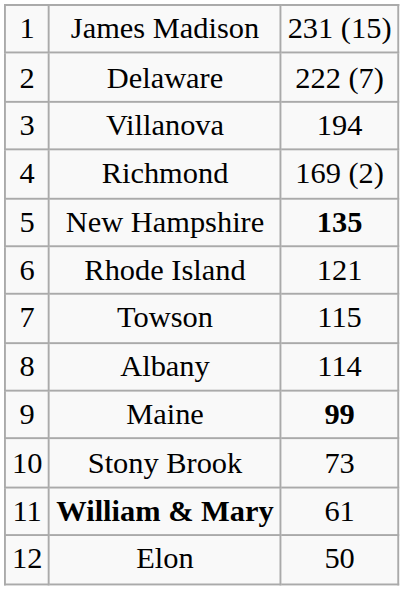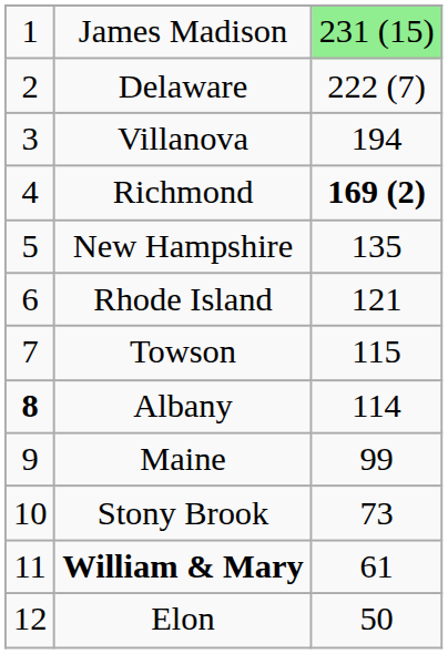 <table class="wikitable">
 <tr align="center">
 </tr>
 <tr align="center">
 <td>1</td>
 <td>James Madison</td>
-<td>231 (15)</td>
+<td style="background: lightgreen;">231 (15)</td>
 </tr>
 <tr align="center">
 <td>2</td>
 <td>Delaware</td>
 <td>222 (7)</td>
 </tr>
 <tr align="center">
 <td>3</td>
 <td>Villanova</td>
 <td>194</td>
 </tr>
 <tr align="center">
 <td>4</td>
 <td>Richmond</td>
-<td>169 (2)</td>
+<td><strong>169 (2)</strong></td>
 </tr>
 <tr align="center">
 <td>5</td>
 <td>New Hampshire</td>
-<td><strong>135</strong></td>
+<td>135</td>
 </tr>
 <tr align="center">
 <td>6</td>
 <td>Rhode Island</td>
 <td>121</td>
 </tr>
 <tr align="center">
 <td>7</td>
 <td>Towson</td>
 <td>115</td>
 </tr>
 <tr align="center">
-<td>8</td>
+<td><strong>8</strong></td>
 <td>Albany</td>
 <td>114</td>
 </tr>
 <tr align="center">
 <td>9</td>
 <td>Maine</td>
-<td><strong>99</strong></td>
+<td>99</td>
 </tr>
 <tr align="center">
 <td>10</td>
 <td>Stony Brook</td>
 <td>73</td>
 </tr>
 <tr align="center">
 <td>11</td>
 <td><strong>William & Mary</strong></td>
 <td>61</td>
 </tr>
 <tr align="center">
 <td>12</td>
 <td>Elon</td>
 <td>50</td>
 </tr>
 </table>
